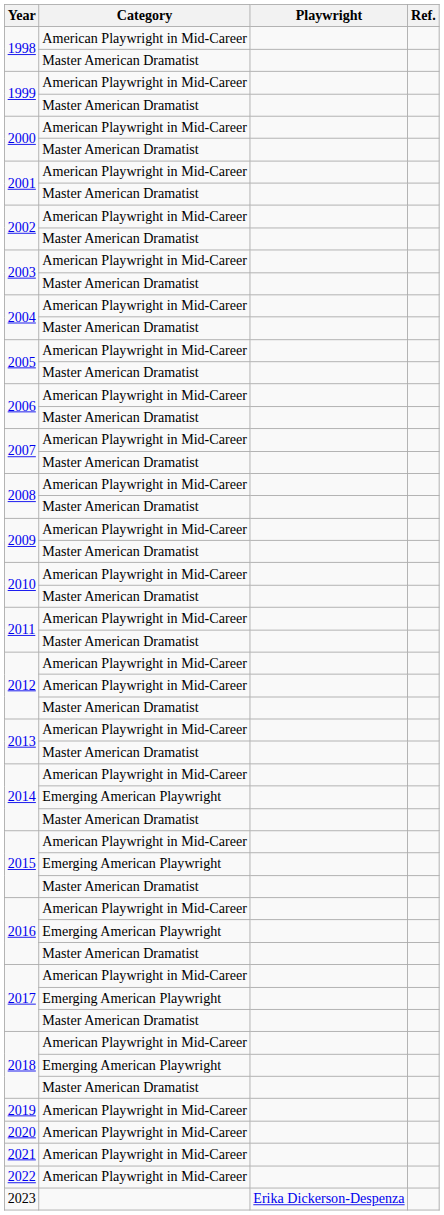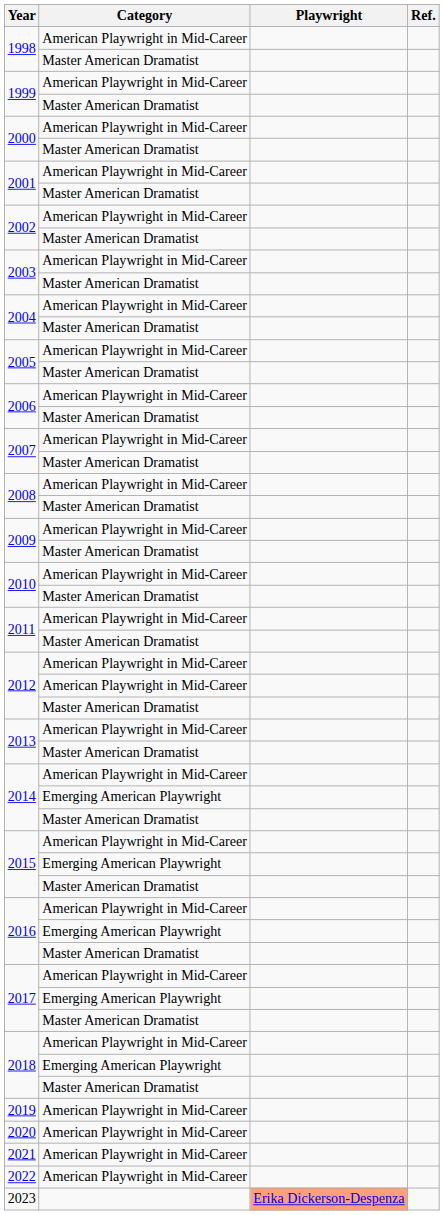 <table class="wikitable sortable mw-collapsible">
 <tr>
 <th>Year</th>
 <th>Category</th>
 <th>Playwright</th>
 <th>Ref.</th>
 </tr>
 <tr>
 <td rowspan="2"><a href='#'>1998</a></td>
 <td>American Playwright in Mid-Career</td>
 <td></td>
 <td></td>
 </tr>
 <tr>
 <td>Master American Dramatist</td>
 <td></td>
 <td></td>
 </tr>
 <tr>
 <td rowspan="2"><a href='#'>1999</a></td>
 <td>American Playwright in Mid-Career</td>
 <td></td>
 <td></td>
 </tr>
 <tr>
 <td>Master American Dramatist</td>
 <td></td>
 <td></td>
 </tr>
 <tr>
 <td rowspan="2"><a href='#'>2000</a></td>
 <td>American Playwright in Mid-Career</td>
 <td></td>
 <td></td>
 </tr>
 <tr>
 <td>Master American Dramatist</td>
 <td></td>
 <td></td>
 </tr>
 <tr>
 <td rowspan="2"><a href='#'>2001</a></td>
 <td>American Playwright in Mid-Career</td>
 <td></td>
 <td></td>
 </tr>
 <tr>
 <td>Master American Dramatist</td>
 <td></td>
 <td></td>
 </tr>
 <tr>
 <td rowspan="2"><a href='#'>2002</a></td>
 <td>American Playwright in Mid-Career</td>
 <td></td>
 <td></td>
 </tr>
 <tr>
 <td>Master American Dramatist</td>
 <td></td>
 <td></td>
 </tr>
 <tr>
 <td rowspan="2"><a href='#'>2003</a></td>
 <td>American Playwright in Mid-Career</td>
 <td></td>
 <td></td>
 </tr>
 <tr>
 <td>Master American Dramatist</td>
 <td></td>
 <td></td>
 </tr>
 <tr>
 <td rowspan="2"><a href='#'>2004</a></td>
 <td>American Playwright in Mid-Career</td>
 <td></td>
 <td></td>
 </tr>
 <tr>
 <td>Master American Dramatist</td>
 <td></td>
 <td></td>
 </tr>
 <tr>
 <td rowspan="2"><a href='#'>2005</a></td>
 <td>American Playwright in Mid-Career</td>
 <td></td>
 <td></td>
 </tr>
 <tr>
 <td>Master American Dramatist</td>
 <td></td>
 <td></td>
 </tr>
 <tr>
 <td rowspan="2"><a href='#'>2006</a></td>
 <td>American Playwright in Mid-Career</td>
 <td></td>
 <td></td>
 </tr>
 <tr>
 <td>Master American Dramatist</td>
 <td></td>
 <td></td>
 </tr>
 <tr>
 <td rowspan="2"><a href='#'>2007</a></td>
 <td>American Playwright in Mid-Career</td>
 <td></td>
 <td></td>
 </tr>
 <tr>
 <td>Master American Dramatist</td>
 <td></td>
 <td></td>
 </tr>
 <tr>
 <td rowspan="2"><a href='#'>2008</a></td>
 <td>American Playwright in Mid-Career</td>
 <td></td>
 <td></td>
 </tr>
 <tr>
 <td>Master American Dramatist</td>
 <td></td>
 <td></td>
 </tr>
 <tr>
 <td rowspan="2"><a href='#'>2009</a></td>
 <td>American Playwright in Mid-Career</td>
 <td></td>
 <td></td>
 </tr>
 <tr>
 <td>Master American Dramatist</td>
 <td></td>
 <td></td>
 </tr>
 <tr>
 <td rowspan="2"><a href='#'>2010</a></td>
 <td>American Playwright in Mid-Career</td>
 <td></td>
 <td></td>
 </tr>
 <tr>
 <td>Master American Dramatist</td>
 <td></td>
 <td></td>
 </tr>
 <tr>
 <td rowspan="2"><a href='#'>2011</a></td>
 <td>American Playwright in Mid-Career</td>
 <td></td>
 <td></td>
 </tr>
 <tr>
 <td>Master American Dramatist</td>
 <td></td>
 <td></td>
 </tr>
 <tr>
 <td rowspan="3"><a href='#'>2012</a></td>
 <td>American Playwright in Mid-Career</td>
 <td></td>
 <td></td>
 </tr>
 <tr>
 <td>American Playwright in Mid-Career</td>
 <td></td>
 <td></td>
 </tr>
 <tr>
 <td>Master American Dramatist</td>
 <td></td>
 <td></td>
 </tr>
 <tr>
 <td rowspan="2"><a href='#'>2013</a></td>
 <td>American Playwright in Mid-Career</td>
 <td></td>
 <td></td>
 </tr>
 <tr>
 <td>Master American Dramatist</td>
 <td></td>
 <td></td>
 </tr>
 <tr>
 <td rowspan="3"><a href='#'>2014</a></td>
 <td>American Playwright in Mid-Career</td>
 <td></td>
 <td></td>
 </tr>
 <tr>
 <td>Emerging American Playwright</td>
 <td></td>
 <td></td>
 </tr>
 <tr>
 <td>Master American Dramatist</td>
 <td></td>
 <td></td>
 </tr>
 <tr>
 <td rowspan="3"><a href='#'>2015</a></td>
 <td>American Playwright in Mid-Career</td>
 <td></td>
 <td></td>
 </tr>
 <tr>
 <td>Emerging American Playwright</td>
 <td></td>
 <td></td>
 </tr>
 <tr>
 <td>Master American Dramatist</td>
 <td></td>
 <td></td>
 </tr>
 <tr>
 <td rowspan="3"><a href='#'>2016</a></td>
 <td>American Playwright in Mid-Career</td>
 <td></td>
 <td></td>
 </tr>
 <tr>
 <td>Emerging American Playwright</td>
 <td></td>
 <td></td>
 </tr>
 <tr>
 <td>Master American Dramatist</td>
 <td></td>
 <td></td>
 </tr>
 <tr>
 <td rowspan="3"><a href='#'>2017</a></td>
 <td>American Playwright in Mid-Career</td>
 <td></td>
 <td></td>
 </tr>
 <tr>
 <td>Emerging American Playwright</td>
 <td></td>
 <td></td>
 </tr>
 <tr>
 <td>Master American Dramatist</td>
 <td></td>
 <td></td>
 </tr>
 <tr>
 <td rowspan="3"><a href='#'>2018</a></td>
 <td>American Playwright in Mid-Career</td>
 <td></td>
 <td></td>
 </tr>
 <tr>
 <td>Emerging American Playwright</td>
 <td></td>
 <td></td>
 </tr>
 <tr>
 <td>Master American Dramatist</td>
 <td></td>
 <td></td>
 </tr>
 <tr>
 <td><a href='#'>2019</a></td>
 <td>American Playwright in Mid-Career</td>
 <td></td>
 <td></td>
 </tr>
 <tr>
 <td><a href='#'>2020</a></td>
 <td>American Playwright in Mid-Career</td>
 <td></td>
 <td></td>
 </tr>
 <tr>
 <td><a href='#'>2021</a></td>
 <td>American Playwright in Mid-Career</td>
 <td></td>
 <td></td>
 </tr>
 <tr>
 <td><a href='#'>2022</a></td>
 <td>American Playwright in Mid-Career</td>
 <td></td>
 <td></td>
 </tr>
 <tr>
 <td>2023</td>
 <td></td>
-<td><a href='#'>Erika Dickerson-Despenza</a></td>
+<td style="background: lightsalmon;"><a href='#'>Erika Dickerson-Despenza</a></td>
 <td></td>
 </tr>
 </table>
